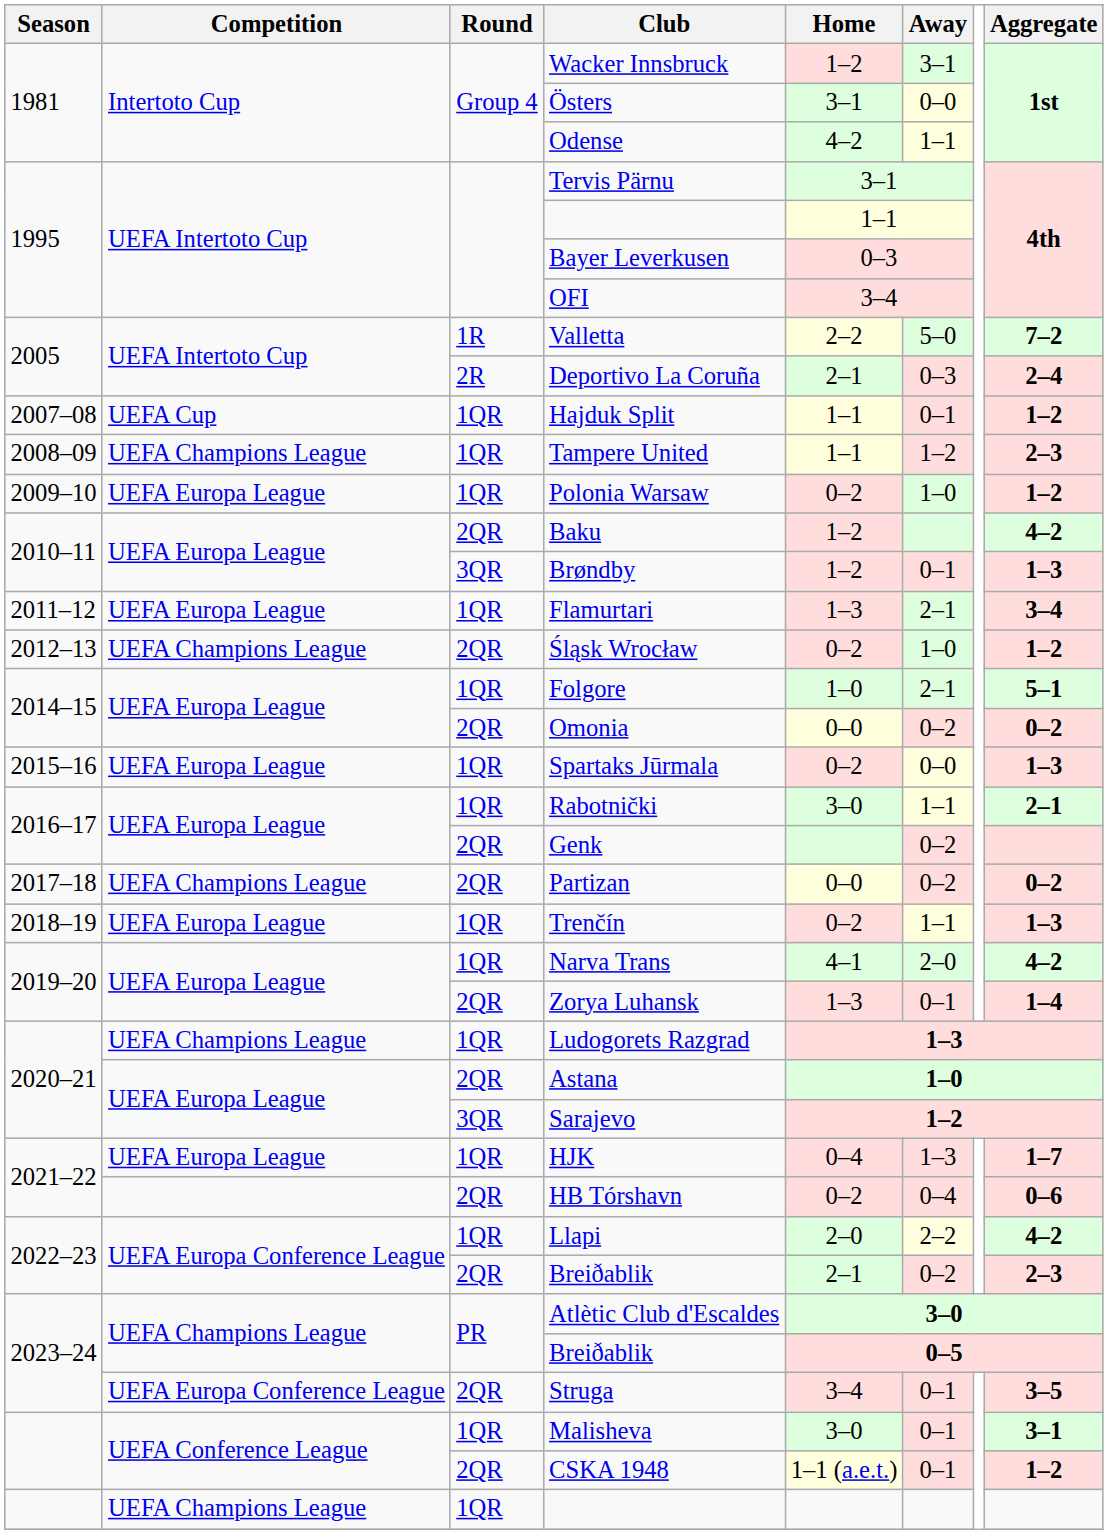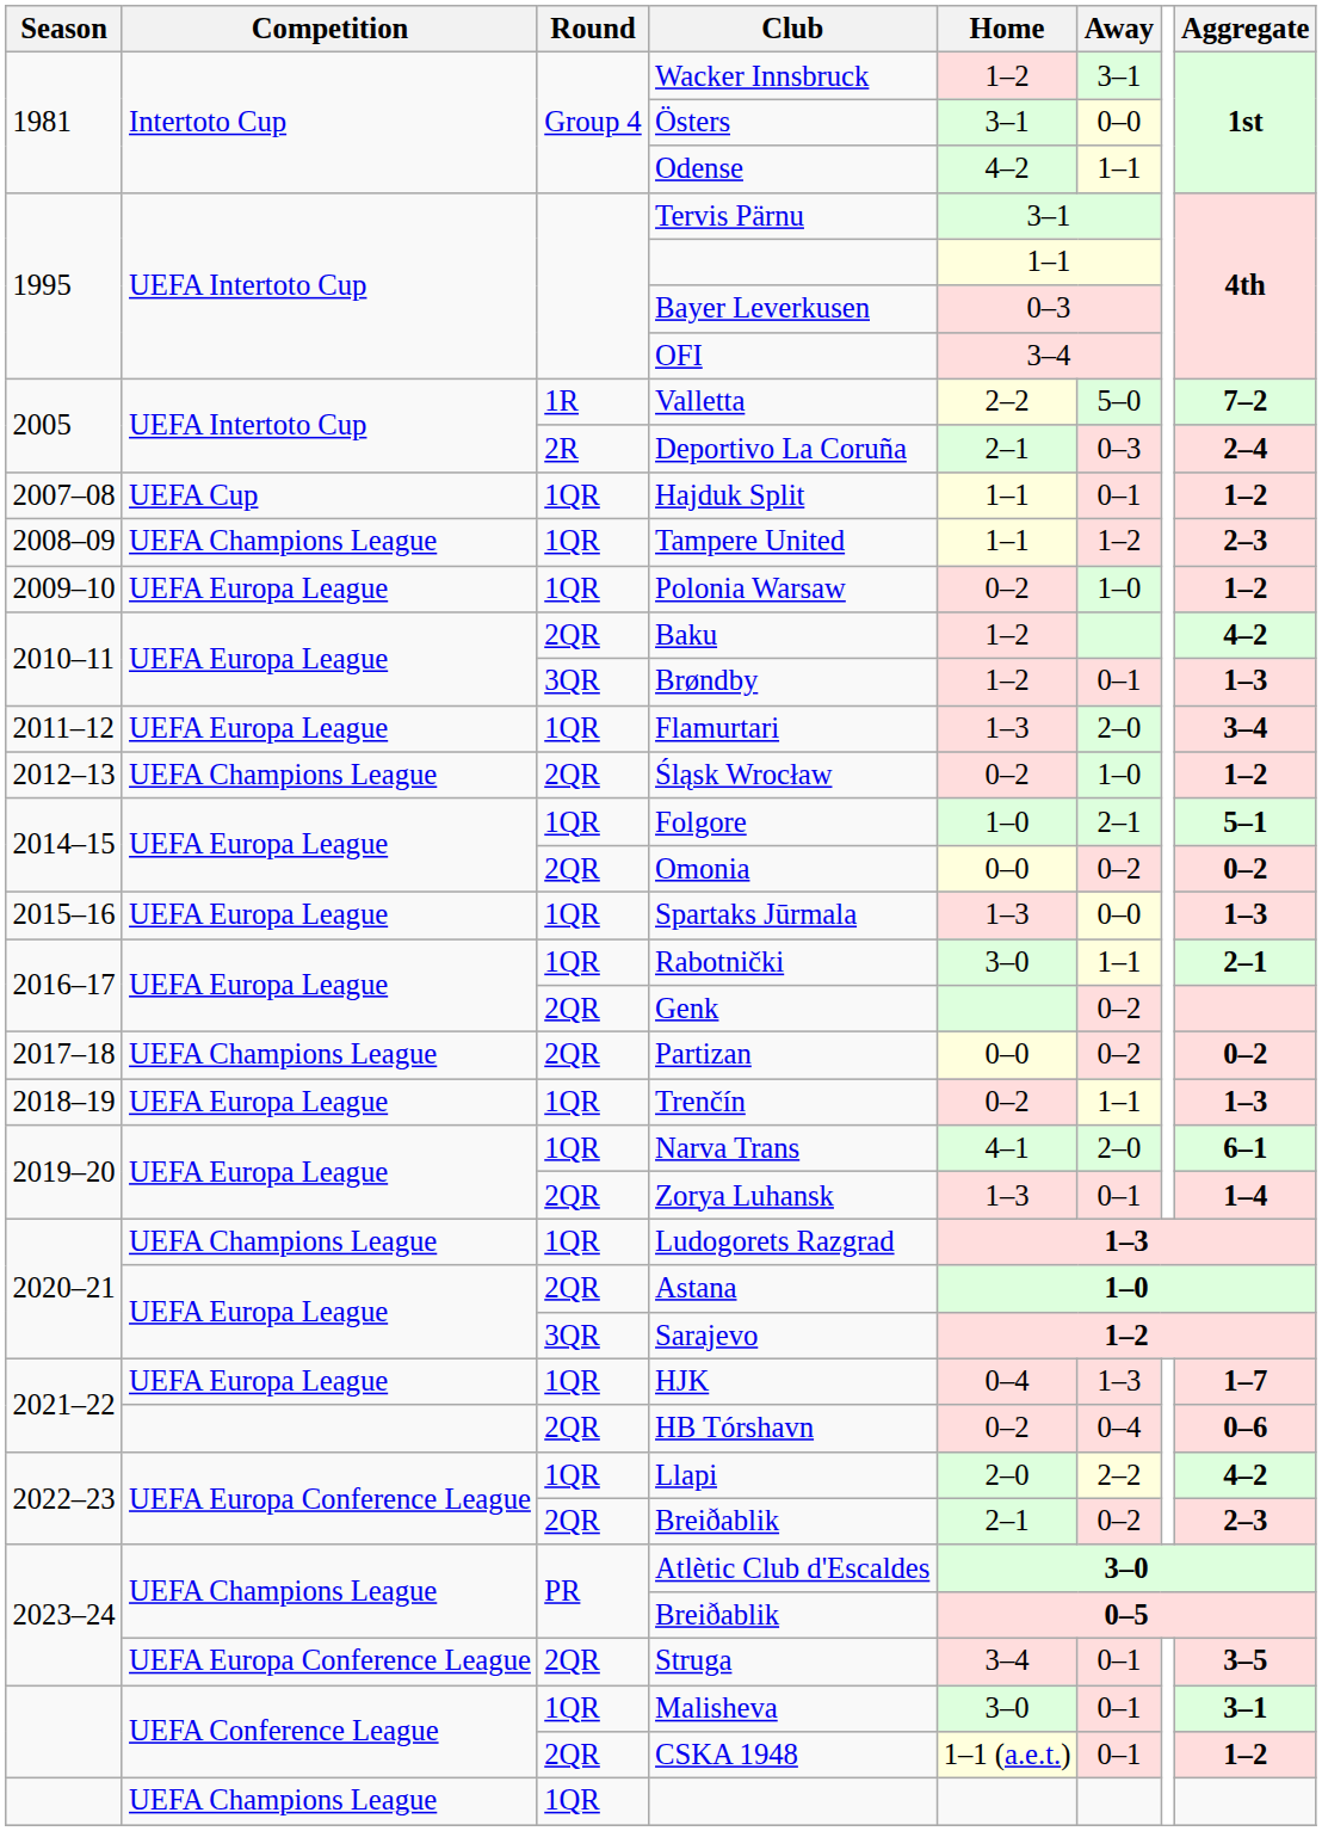 <table class="wikitable">
 <tr>
 <th>Season</th>
 <th>Competition</th>
 <th>Round</th>
 <th>Club</th>
 <th>Home</th>
 <th>Away</th>
 <th style="background:white" rowspan=26></th>
 <th>Aggregate</th>
 </tr>
 <tr>
 <td rowspan=3>1981</td>
 <td rowspan=3><a href='#'>Intertoto Cup</a></td>
 <td rowspan=3><a href='#'>Group 4</a></td>
 <td> <a href='#'>Wacker Innsbruck</a></td>
 <td bgcolor="#ffdddd" style="text-align:center;">1–2</td>
 <td bgcolor="#ddffdd" style="text-align:center;">3–1</td>
 <td bgcolor="#ddffdd" style="text-align:center;" rowspan=3><strong>1st</strong></td>
 </tr>
 <tr>
 <td> <a href='#'>Östers</a></td>
 <td bgcolor="#ddffdd" style="text-align:center;">3–1</td>
 <td bgcolor="#ffffdd" style="text-align:center;">0–0</td>
 </tr>
 <tr>
 <td> <a href='#'>Odense</a></td>
 <td bgcolor="#ddffdd" style="text-align:center;">4–2</td>
 <td bgcolor="#ffffdd" style="text-align:center;">1–1</td>
 </tr>
 <tr>
 <td rowspan=4>1995</td>
 <td rowspan=4><a href='#'>UEFA Intertoto Cup</a></td>
 <td rowspan=4></td>
 <td> <a href='#'>Tervis Pärnu</a></td>
 <td bgcolor="#ddffdd" style="text-align:center;" colspan=2>3–1</td>
 <td bgcolor="#ffdddd" style="text-align:center;" rowspan=4><strong>4th</strong></td>
 </tr>
 <tr>
 <td></td>
 <td bgcolor="#ffffdd" style="text-align:center;" colspan=2>1–1</td>
 </tr>
 <tr>
 <td> <a href='#'>Bayer Leverkusen</a></td>
 <td bgcolor="#ffdddd" style="text-align:center;" colspan=2>0–3</td>
 </tr>
 <tr>
 <td> <a href='#'>OFI</a></td>
 <td bgcolor="#ffdddd" style="text-align:center;" colspan=2>3–4</td>
 </tr>
 <tr>
 <td rowspan=2>2005</td>
 <td rowspan=2><a href='#'>UEFA Intertoto Cup</a></td>
 <td><a href='#'>1R</a></td>
 <td> <a href='#'>Valletta</a></td>
 <td bgcolor="#ffffdd" style="text-align:center;">2–2</td>
 <td bgcolor="#ddffdd" style="text-align:center;">5–0</td>
 <td bgcolor="#ddffdd" style="text-align:center;"><strong>7–2</strong></td>
 </tr>
 <tr>
 <td><a href='#'>2R</a></td>
 <td> <a href='#'>Deportivo La Coruña</a></td>
 <td bgcolor="#ddffdd" style="text-align:center;">2–1</td>
 <td bgcolor="#ffdddd" style="text-align:center;">0–3</td>
 <td bgcolor="#ffdddd" style="text-align:center;"><strong>2–4</strong></td>
 </tr>
 <tr>
 <td>2007–08</td>
 <td><a href='#'>UEFA Cup</a></td>
 <td><a href='#'>1QR</a></td>
 <td> <a href='#'>Hajduk Split</a></td>
 <td bgcolor="#ffffdd" style="text-align:center;">1–1</td>
 <td bgcolor="#ffdddd" style="text-align:center;">0–1</td>
 <td bgcolor="#ffdddd" style="text-align:center;"><strong>1–2</strong></td>
 </tr>
 <tr>
 <td>2008–09</td>
 <td><a href='#'>UEFA Champions League</a></td>
 <td><a href='#'>1QR</a></td>
 <td> <a href='#'>Tampere United</a></td>
 <td bgcolor="#ffffdd" style="text-align:center;">1–1</td>
 <td bgcolor="#ffdddd" style="text-align:center;">1–2</td>
 <td bgcolor="#ffdddd" style="text-align:center;"><strong>2–3</strong></td>
 </tr>
 <tr>
 <td>2009–10</td>
 <td><a href='#'>UEFA Europa League</a></td>
 <td><a href='#'>1QR</a></td>
 <td> <a href='#'>Polonia Warsaw</a></td>
 <td bgcolor="#ffdddd" style="text-align:center;">0–2</td>
 <td bgcolor="#ddffdd" style="text-align:center;">1–0</td>
 <td bgcolor="#ffdddd" style="text-align:center;"><strong>1–2</strong></td>
 </tr>
 <tr>
 <td rowspan=2>2010–11</td>
 <td rowspan=2><a href='#'>UEFA Europa League</a></td>
 <td><a href='#'>2QR</a></td>
 <td> <a href='#'>Baku</a></td>
 <td bgcolor="#ffdddd" style="text-align:center;">1–2</td>
 <td bgcolor="#ddffdd" style="text-align:center;"></td>
 <td bgcolor="#ddffdd" style="text-align:center;"><strong>4–2</strong></td>
 </tr>
 <tr>
 <td><a href='#'>3QR</a></td>
 <td> <a href='#'>Brøndby</a></td>
 <td bgcolor="#ffdddd" style="text-align:center;">1–2</td>
 <td bgcolor="#ffdddd" style="text-align:center;">0–1</td>
 <td bgcolor="#ffdddd" style="text-align:center;"><strong>1–3</strong></td>
 </tr>
 <tr>
 <td>2011–12</td>
 <td><a href='#'>UEFA Europa League</a></td>
 <td><a href='#'>1QR</a></td>
 <td> <a href='#'>Flamurtari</a></td>
 <td bgcolor="#ffdddd" style="text-align:center;">1–3</td>
-<td bgcolor="#ddffdd" style="text-align:center;">2–1</td>
+<td bgcolor="#ddffdd" style="text-align:center;">2–0</td>
 <td bgcolor="#ffdddd" style="text-align:center;"><strong>3–4</strong></td>
 </tr>
 <tr>
 <td>2012–13</td>
 <td><a href='#'>UEFA Champions League</a></td>
 <td><a href='#'>2QR</a></td>
 <td> <a href='#'>Śląsk Wrocław</a></td>
 <td bgcolor="#ffdddd" style="text-align:center;">0–2</td>
 <td bgcolor="#ddffdd" style="text-align:center;">1–0</td>
 <td bgcolor="#ffdddd" style="text-align:center;"><strong>1–2</strong></td>
 </tr>
 <tr>
 <td rowspan=2>2014–15</td>
 <td rowspan=2><a href='#'>UEFA Europa League</a></td>
 <td><a href='#'>1QR</a></td>
 <td> <a href='#'>Folgore</a></td>
 <td bgcolor="#ddffdd" style="text-align:center;">1–0</td>
 <td bgcolor="#ddffdd" style="text-align:center;">2–1</td>
 <td bgcolor="#ddffdd" style="text-align:center;"><strong>5–1</strong></td>
 </tr>
 <tr>
 <td><a href='#'>2QR</a></td>
 <td> <a href='#'>Omonia</a></td>
 <td bgcolor="#ffffdd" style="text-align:center;">0–0</td>
 <td bgcolor="#ffdddd" style="text-align:center;">0–2</td>
 <td bgcolor="#ffdddd" style="text-align:center;"><strong>0–2</strong></td>
 </tr>
 <tr>
 <td>2015–16</td>
 <td><a href='#'>UEFA Europa League</a></td>
 <td><a href='#'>1QR</a></td>
 <td> <a href='#'>Spartaks Jūrmala</a></td>
-<td bgcolor="#ffdddd" style="text-align:center;">0–2</td>
+<td bgcolor="#ffdddd" style="text-align:center;">1–3</td>
 <td bgcolor="#ffffdd" style="text-align:center;">0–0</td>
 <td bgcolor="#ffdddd" style="text-align:center;"><strong>1–3</strong></td>
 </tr>
 <tr>
 <td rowspan=2>2016–17</td>
 <td rowspan=2><a href='#'>UEFA Europa League</a></td>
 <td><a href='#'>1QR</a></td>
 <td> <a href='#'>Rabotnički</a></td>
 <td bgcolor="#ddffdd" style="text-align:center;">3–0</td>
 <td bgcolor="#ffffdd" style="text-align:center;">1–1</td>
 <td bgcolor="#ddffdd" style="text-align:center;"><strong>2–1</strong></td>
 </tr>
 <tr>
 <td><a href='#'>2QR</a></td>
 <td> <a href='#'>Genk</a></td>
 <td bgcolor="#ddffdd" style="text-align:center;"></td>
 <td bgcolor="#ffdddd" style="text-align:center;">0–2</td>
 <td bgcolor="#ffdddd" style="text-align:center;"></td>
 </tr>
 <tr>
 <td>2017–18</td>
 <td><a href='#'>UEFA Champions League</a></td>
 <td><a href='#'>2QR</a></td>
 <td> <a href='#'>Partizan</a></td>
 <td bgcolor="#ffffdd" style="text-align:center;">0–0</td>
 <td bgcolor="#ffdddd" style="text-align:center;">0–2</td>
 <td bgcolor="#ffdddd" style="text-align:center;"><strong>0–2</strong></td>
 </tr>
 <tr>
 <td>2018–19</td>
 <td><a href='#'>UEFA Europa League</a></td>
 <td><a href='#'>1QR</a></td>
 <td> <a href='#'>Trenčín</a></td>
 <td bgcolor="#ffdddd" style="text-align:center;">0–2</td>
 <td bgcolor="#ffffdd" style="text-align:center;">1–1</td>
 <td bgcolor="#ffdddd" style="text-align:center;"><strong>1–3</strong></td>
 </tr>
 <tr>
 <td rowspan=2>2019–20</td>
 <td rowspan=2><a href='#'>UEFA Europa League</a></td>
 <td><a href='#'>1QR</a></td>
 <td> <a href='#'>Narva Trans</a></td>
 <td bgcolor="#ddffdd" style="text-align:center;">4–1</td>
 <td bgcolor="#ddffdd" style="text-align:center;">2–0</td>
-<td bgcolor="#ddffdd" style="text-align:center;"><strong>4–2</strong></td>
+<td bgcolor="#ddffdd" style="text-align:center;"><strong>6–1</strong></td>
 </tr>
 <tr>
 <td><a href='#'>2QR</a></td>
 <td> <a href='#'>Zorya Luhansk</a></td>
 <td bgcolor="#ffdddd" style="text-align:center;">1–3</td>
 <td bgcolor="#ffdddd" style="text-align:center;">0–1</td>
 <td bgcolor="#ffdddd" style="text-align:center;"><strong>1–4</strong></td>
 </tr>
 <tr>
 <td rowspan=3>2020–21</td>
 <td><a href='#'>UEFA Champions League</a></td>
 <td><a href='#'>1QR</a></td>
 <td> <a href='#'>Ludogorets Razgrad</a></td>
 <td bgcolor="#ffdddd" style="text-align:center;" colspan=4><strong>1–3</strong></td>
 </tr>
 <tr>
 <td rowspan=2><a href='#'>UEFA Europa League</a></td>
 <td><a href='#'>2QR</a></td>
 <td> <a href='#'>Astana</a></td>
 <td bgcolor="#ddffdd" style="text-align:center;" colspan=4><strong>1–0</strong></td>
 </tr>
 <tr>
 <td><a href='#'>3QR</a></td>
 <td> <a href='#'>Sarajevo</a></td>
 <td bgcolor="#ffdddd" style="text-align:center;" colspan=4><strong>1–2</strong></td>
 </tr>
 <tr>
 <td rowspan=2>2021–22</td>
 <td><a href='#'>UEFA Europa League</a></td>
 <td><a href='#'>1QR</a></td>
 <td> <a href='#'>HJK</a></td>
 <td bgcolor="#ffdddd" style="text-align:center;">0–4</td>
 <td bgcolor="#ffdddd" style="text-align:center;">1–3</td>
 <th style="background:white" rowspan=4></th>
 <td bgcolor="#ffdddd" style="text-align:center;"><strong>1–7</strong></td>
 </tr>
 <tr>
 <td></td>
 <td><a href='#'>2QR</a></td>
 <td> <a href='#'>HB Tórshavn</a></td>
 <td bgcolor="#ffdddd" style="text-align:center;">0–2</td>
 <td bgcolor="#ffdddd" style="text-align:center;">0–4</td>
 <td bgcolor="#ffdddd" style="text-align:center;"><strong>0–6</strong></td>
 </tr>
 <tr>
 <td rowspan=2>2022–23</td>
 <td rowspan=2><a href='#'>UEFA Europa Conference League</a></td>
 <td><a href='#'>1QR</a></td>
 <td> <a href='#'>Llapi</a></td>
 <td bgcolor="#ddffdd" style="text-align:center;">2–0</td>
 <td bgcolor="#ffffdd" style="text-align:center;">2–2</td>
 <td bgcolor="#ddffdd" style="text-align:center;"><strong>4–2</strong></td>
 </tr>
 <tr>
 <td><a href='#'>2QR</a></td>
 <td> <a href='#'>Breiðablik</a></td>
 <td bgcolor="#ddffdd" style="text-align:center;">2–1</td>
 <td bgcolor="#ffdddd" style="text-align:center;">0–2</td>
 <td bgcolor="#ffdddd" style="text-align:center;"><strong>2–3</strong></td>
 </tr>
 <tr>
 <td rowspan="3">2023–24</td>
 <td rowspan="2"><a href='#'>UEFA Champions League</a></td>
 <td rowspan="2"><a href='#'>PR</a></td>
 <td> <a href='#'>Atlètic Club d'Escaldes</a></td>
 <td colspan="4" style="text-align:center; background:#ddffdd;"><strong>3–0</strong></td>
 </tr>
 <tr>
 <td> <a href='#'>Breiðablik</a></td>
 <td colspan="4" bgcolor="#ffdddd" style="text-align:center;"><strong>0–5</strong></td>
 </tr>
 <tr>
 <td><a href='#'>UEFA Europa Conference League</a></td>
 <td><a href='#'>2QR</a></td>
 <td> <a href='#'>Struga</a></td>
 <td bgcolor="#ffdddd" style="text-align:center;">3–4</td>
 <td bgcolor="#ffdddd" style="text-align:center;">0–1</td>
 <th style="background:white" rowspan=10></th>
 <td bgcolor="#ffdddd" style="text-align:center;"><strong>3–5</strong></td>
 </tr>
 <tr>
 <td rowspan="2"></td>
 <td rowspan="2"><a href='#'>UEFA Conference League</a></td>
 <td><a href='#'>1QR</a></td>
 <td> <a href='#'>Malisheva</a></td>
 <td bgcolor="#ddffdd" style="text-align:center;">3–0</td>
 <td bgcolor="#ffdddd" style="text-align:center;">0–1</td>
 <td bgcolor="#ddffdd" style="text-align:center;"><strong>3–1</strong></td>
 </tr>
 <tr>
 <td><a href='#'>2QR</a></td>
 <td> <a href='#'>CSKA 1948</a></td>
 <td bgcolor="#ffffdd" style="text-align:center;">1–1 (<a href='#'>a.e.t.</a>)</td>
 <td bgcolor="#ffdddd" style="text-align:center;">0–1</td>
 <td bgcolor="#ffdddd" style="text-align:center;"><strong>1–2</strong></td>
 </tr>
 <tr>
 <td></td>
 <td><a href='#'>UEFA Champions League</a></td>
 <td><a href='#'>1QR</a></td>
 <td></td>
 <td style="text-align:center;"></td>
 <td style="text-align:center;"></td>
 <td style="text-align:center;"></td>
 </tr>
 <tr>
 </tr>
 </table>
